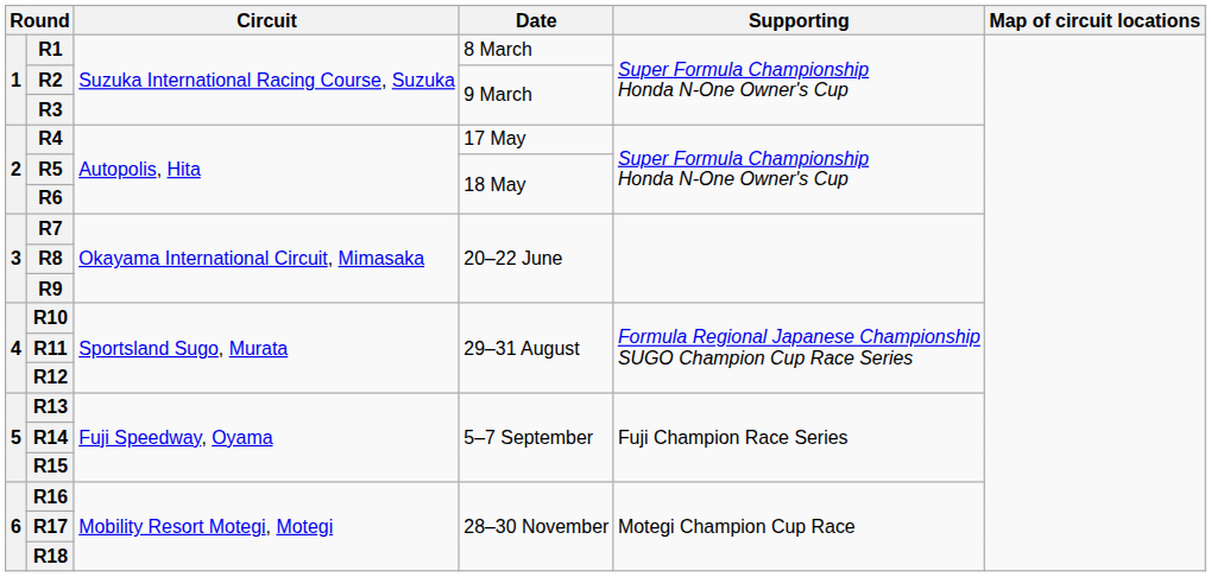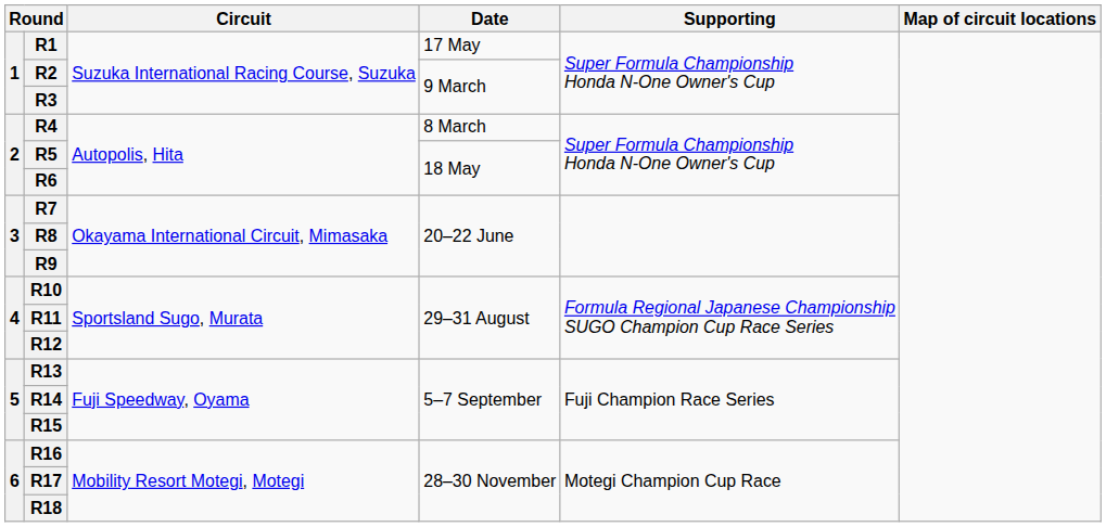 <table class="wikitable" style="font-size:85%;">
 <tr>
 <th colspan=2>Round</th>
 <th>Circuit</th>
 <th>Date</th>
 <th>Supporting</th>
 <th>Map of circuit locations</th>
 </tr>
 <tr>
 <th rowspan="3">1</th>
 <th>R1</th>
 <td rowspan="3" nowrap><a href='#'>Suzuka International Racing Course</a>, <a href='#'>Suzuka</a></td>
-<td>8 March</td>
+<td>17 May</td>
 <td rowspan="3" nowrap><em><a href='#'>Super Formula Championship</a><br>Honda N-One Owner's Cup</em></td>
 <td rowspan="18"></td>
 </tr>
 <tr>
 <th>R2</th>
 <td rowspan="2">9 March</td>
 </tr>
 <tr>
 <th>R3</th>
 </tr>
 <tr>
 <th rowspan="3">2</th>
 <th>R4</th>
 <td rowspan="3"><a href='#'>Autopolis</a>, <a href='#'>Hita</a></td>
-<td>17 May</td>
+<td>8 March</td>
 <td rowspan="3"><em><a href='#'>Super Formula Championship</a><br>Honda N-One Owner's Cup</em></td>
 </tr>
 <tr>
 <th>R5</th>
 <td rowspan="2">18 May</td>
 </tr>
 <tr>
 <th>R6</th>
 </tr>
 <tr>
 <th rowspan="3">3</th>
 <th>R7</th>
 <td rowspan="3"><a href='#'>Okayama International Circuit</a>, <a href='#'>Mimasaka</a></td>
 <td rowspan="3">20–22 June</td>
 <td rowspan="3"></td>
 </tr>
 <tr>
 <th>R8</th>
 </tr>
 <tr>
 <th>R9</th>
 </tr>
 <tr>
 <th rowspan="3">4</th>
 <th>R10</th>
 <td rowspan="3"><a href='#'>Sportsland Sugo</a>, <a href='#'>Murata</a></td>
 <td rowspan="3">29–31 August</td>
 <td rowspan="3" nowrap><em><a href='#'>Formula Regional Japanese Championship</a><br>SUGO Champion Cup Race Series</em></td>
 </tr>
 <tr>
 <th>R11</th>
 </tr>
 <tr>
 <th>R12</th>
 </tr>
 <tr>
 <th rowspan="3">5</th>
 <th>R13</th>
 <td rowspan="3"><a href='#'>Fuji Speedway</a>, <a href='#'>Oyama</a></td>
 <td rowspan="3" nowrap>5–7 September</td>
 <td rowspan="3">Fuji Champion Race Series</td>
 </tr>
 <tr>
 <th>R14</th>
 </tr>
 <tr>
 <th>R15</th>
 </tr>
 <tr>
 <th rowspan="3">6</th>
 <th>R16</th>
 <td rowspan="3"><a href='#'>Mobility Resort Motegi</a>, <a href='#'>Motegi</a></td>
 <td rowspan="3" nowrap>28–30 November</td>
 <td rowspan="3">Motegi Champion Cup Race</td>
 </tr>
 <tr>
 <th>R17</th>
 </tr>
 <tr>
 <th>R18</th>
 </tr>
 </table>
